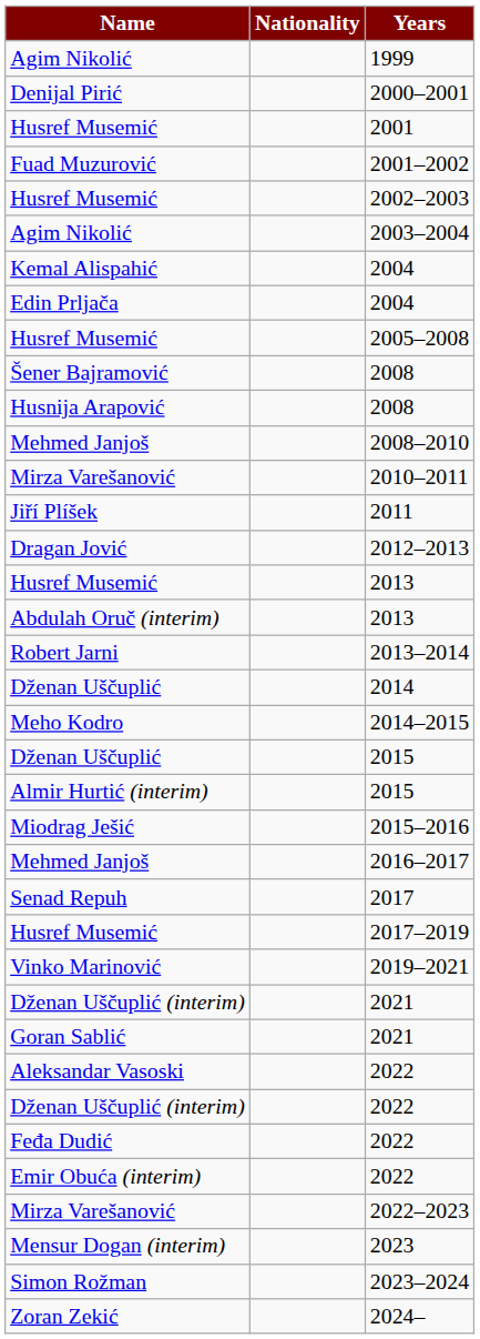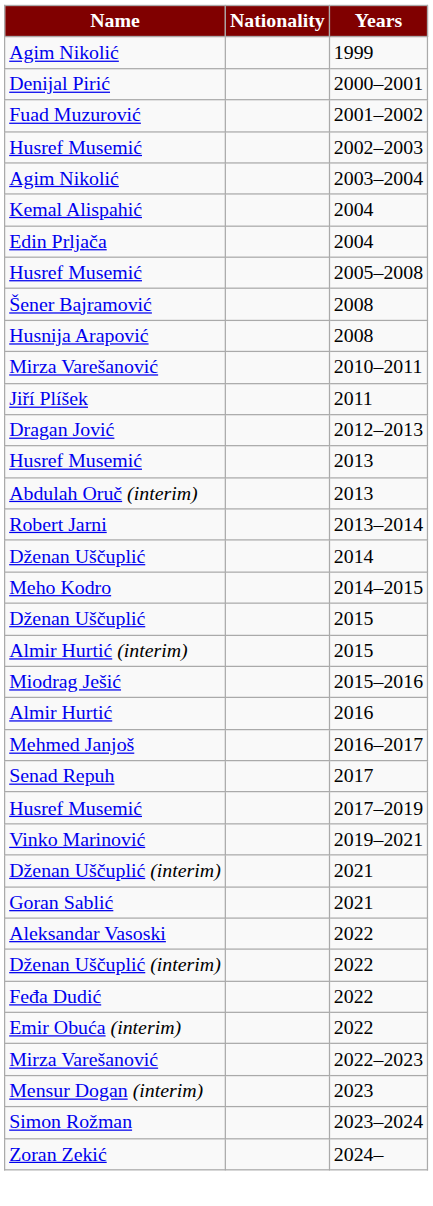 <table class="wikitable" style="text-align: center; display:inline-table">
 <tr>
 <th style="color:#FFFFFF;background:#800000;">Name</th>
 <th style="color:#FFFFFF;background:#800000;">Nationality</th>
 <th style="color:#FFFFFF;background:#800000;">Years</th>
 </tr>
 <tr>
 <td align="left"><a href='#'>Agim Nikolić</a></td>
 <td></td>
 <td align="left">1999</td>
 </tr>
 <tr>
 <td align="left"><a href='#'>Denijal Pirić</a></td>
 <td></td>
 <td align="left">2000–2001</td>
-</tr>
-<tr>
-<td align="left"><a href='#'>Husref Musemić</a></td>
-<td></td>
-<td align="left">2001</td>
 </tr>
 <tr>
 <td align="left"><a href='#'>Fuad Muzurović</a></td>
 <td></td>
 <td align="left">2001–2002</td>
 </tr>
 <tr>
 <td align="left"><a href='#'>Husref Musemić</a></td>
 <td></td>
 <td align="left">2002–2003</td>
 </tr>
 <tr>
 <td align="left"><a href='#'>Agim Nikolić</a></td>
 <td></td>
 <td align="left">2003–2004</td>
 </tr>
 <tr>
 <td align="left"><a href='#'>Kemal Alispahić</a></td>
 <td></td>
 <td align="left">2004</td>
 </tr>
 <tr>
 <td align="left"><a href='#'>Edin Prljača</a></td>
 <td></td>
 <td align="left">2004</td>
 </tr>
 <tr>
 <td align="left"><a href='#'>Husref Musemić</a></td>
 <td></td>
 <td align="left">2005–2008</td>
 </tr>
 <tr>
 <td align="left"><a href='#'>Šener Bajramović</a></td>
 <td></td>
 <td align="left">2008</td>
 </tr>
 <tr>
 <td align="left"><a href='#'>Husnija Arapović</a></td>
 <td></td>
 <td align="left">2008</td>
-</tr>
-<tr>
-<td align="left"><a href='#'>Mehmed Janjoš</a></td>
-<td></td>
-<td align="left">2008–2010</td>
 </tr>
 <tr>
 <td align="left"><a href='#'>Mirza Varešanović</a></td>
 <td></td>
 <td align="left">2010–2011</td>
 </tr>
 <tr>
 <td align="left"><a href='#'>Jiří Plíšek</a></td>
 <td></td>
 <td align="left">2011</td>
 </tr>
 <tr>
 <td align="left"><a href='#'>Dragan Jović</a></td>
 <td></td>
 <td align="left">2012–2013</td>
 </tr>
 <tr>
 <td align="left"><a href='#'>Husref Musemić</a></td>
 <td></td>
 <td align="left">2013</td>
 </tr>
 <tr>
 <td align="left"><a href='#'>Abdulah Oruč</a> <em>(interim)</em></td>
 <td></td>
 <td align="left">2013</td>
 </tr>
 <tr>
 <td align="left"><a href='#'>Robert Jarni</a></td>
 <td></td>
 <td align="left">2013–2014</td>
 </tr>
 <tr>
 <td align="left"><a href='#'>Dženan Uščuplić</a></td>
 <td></td>
 <td align="left">2014</td>
 </tr>
 <tr>
 <td align="left"><a href='#'>Meho Kodro</a></td>
 <td></td>
 <td align="left">2014–2015</td>
 </tr>
 <tr>
 <td align="left"><a href='#'>Dženan Uščuplić</a></td>
 <td></td>
 <td align="left">2015</td>
 </tr>
 <tr>
 <td align="left"><a href='#'>Almir Hurtić</a> <em>(interim)</em></td>
 <td></td>
 <td align="left">2015</td>
 </tr>
 <tr>
 <td align="left"><a href='#'>Miodrag Ješić</a></td>
 <td></td>
 <td align="left">2015–2016</td>
+</tr>
+<tr>
+<td align="left"><a href='#'>Almir Hurtić</a></td>
+<td></td>
+<td align="left">2016</td>
 </tr>
 <tr>
 <td align="left"><a href='#'>Mehmed Janjoš</a></td>
 <td></td>
 <td align="left">2016–2017</td>
 </tr>
 <tr>
 <td align="left"><a href='#'>Senad Repuh</a></td>
 <td></td>
 <td align="left">2017</td>
 </tr>
 <tr>
 <td align="left"><a href='#'>Husref Musemić</a></td>
 <td></td>
 <td align="left">2017–2019</td>
 </tr>
 <tr>
 <td align="left"><a href='#'>Vinko Marinović</a></td>
 <td></td>
 <td align="left">2019–2021</td>
 </tr>
 <tr>
 <td align="left"><a href='#'>Dženan Uščuplić</a> <em>(interim)</em></td>
 <td></td>
 <td align="left">2021</td>
 </tr>
 <tr>
 <td align="left"><a href='#'>Goran Sablić</a></td>
 <td></td>
 <td align="left">2021</td>
 </tr>
 <tr>
 <td align="left"><a href='#'>Aleksandar Vasoski</a></td>
 <td></td>
 <td align="left">2022</td>
 </tr>
 <tr>
 <td align="left"><a href='#'>Dženan Uščuplić</a> <em>(interim)</em></td>
 <td></td>
 <td align="left">2022</td>
 </tr>
 <tr>
 <td align="left"><a href='#'>Feđa Dudić</a></td>
 <td></td>
 <td align="left">2022</td>
 </tr>
 <tr>
 <td align="left"><a href='#'>Emir Obuća</a> <em>(interim)</em></td>
 <td></td>
 <td align="left">2022</td>
 </tr>
 <tr>
 <td align="left"><a href='#'>Mirza Varešanović</a></td>
 <td></td>
 <td align="left">2022–2023</td>
 </tr>
 <tr>
 <td align="left"><a href='#'>Mensur Dogan</a> <em>(interim)</em></td>
 <td></td>
 <td align="left">2023</td>
 </tr>
 <tr>
 <td align="left"><a href='#'>Simon Rožman</a></td>
 <td></td>
 <td align="left">2023–2024</td>
 </tr>
 <tr>
 <td align="left"><a href='#'>Zoran Zekić</a></td>
 <td></td>
 <td align="left">2024–</td>
 </tr>
 </table>
